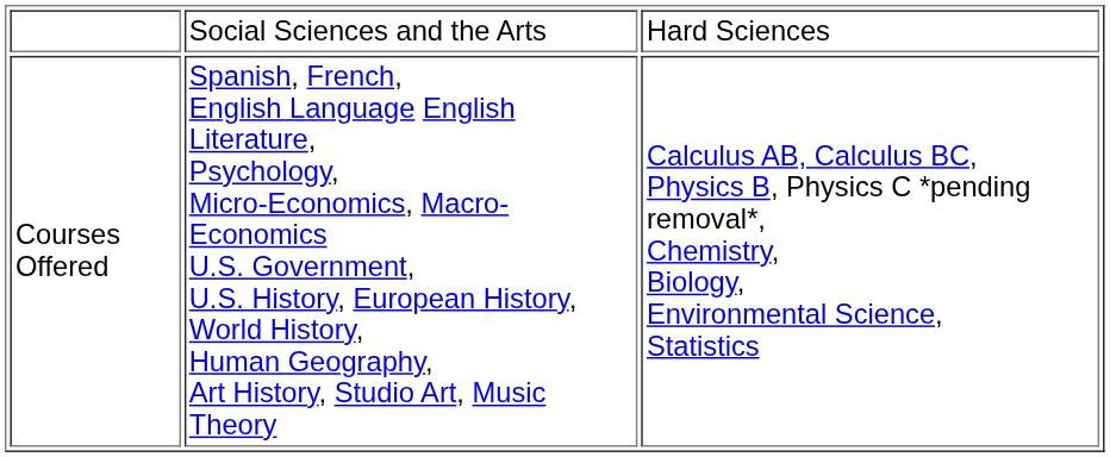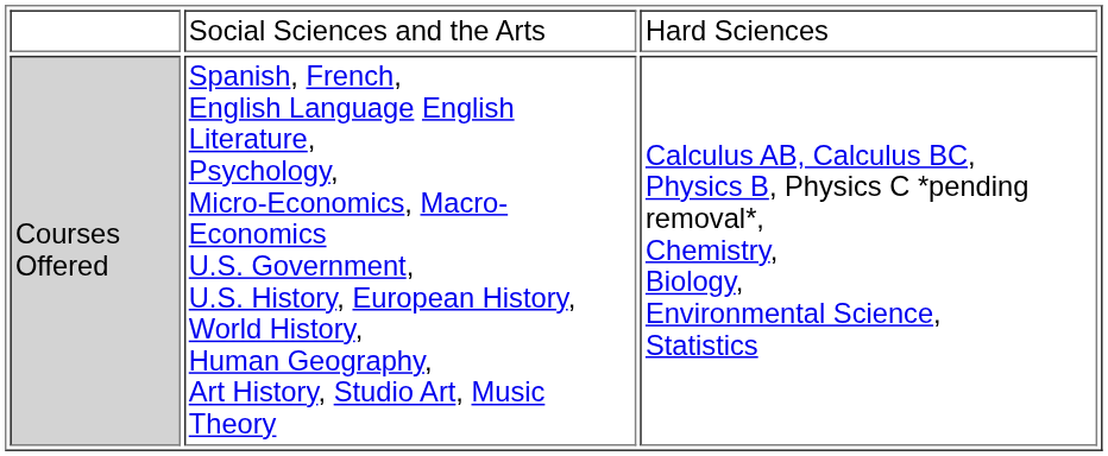 <table border="1" cellpadding="2">
 <tr>
 <td width="100pt"></td>
 <td width="300pt">Social Sciences and the Arts</td>
 <td width="300pt">Hard Sciences</td>
 </tr>
 <tr>
-<td>Courses Offered</td>
+<td style="background: lightgrey;">Courses Offered</td>
 <td><a href='#'>Spanish</a>, <a href='#'>French</a>, <br><a href='#'>English Language</a> <a href='#'>English Literature</a>, <br><a href='#'>Psychology</a>, <br><a href='#'>Micro-Economics</a>, <a href='#'>Macro-Economics</a> <br><a href='#'>U.S. Government</a>, <br><a href='#'>U.S. History</a>, <a href='#'>European History</a>, <a href='#'>World History</a>, <br><a href='#'>Human Geography</a>, <br><a href='#'>Art History</a>, <a href='#'>Studio Art</a>, <a href='#'>Music Theory</a></td>
 <td><a href='#'>Calculus AB, Calculus BC</a>, <br><a href='#'>Physics B</a>, Physics C *pending removal*, <br><a href='#'>Chemistry</a>, <br><a href='#'>Biology</a>, <br><a href='#'>Environmental Science</a>, <br><a href='#'>Statistics</a></td>
 </tr>
 </table>
